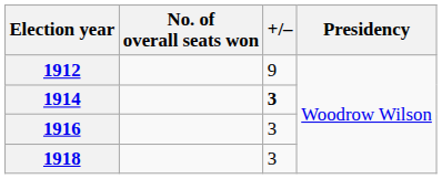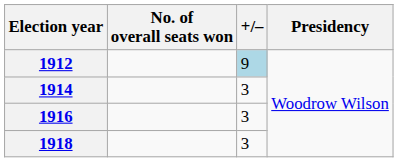 <table class=wikitable>
 <tr>
 <th>Election year</th>
 <th>No. of<br>overall seats won</th>
 <th>+/–</th>
 <th>Presidency</th>
 </tr>
 <tr>
 <th><a href='#'>1912</a></th>
 <td></td>
-<td> 9</td>
+<td style="background: lightblue;"> 9</td>
 <td rowspan="4"><a href='#'>Woodrow Wilson</a></td>
 </tr>
 <tr>
 <th><a href='#'>1914</a></th>
 <td></td>
-<td><strong> 3</strong></td>
+<td> 3</td>
 </tr>
 <tr>
 <th><a href='#'>1916</a></th>
 <td></td>
 <td> 3</td>
 </tr>
 <tr>
 <th><a href='#'>1918</a></th>
 <td></td>
 <td> 3</td>
 </tr>
 </table>
